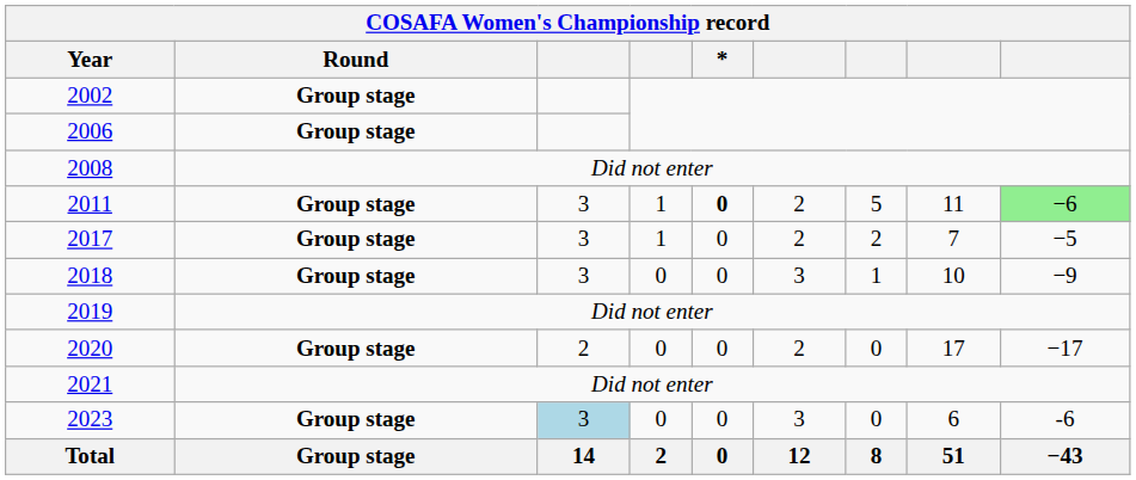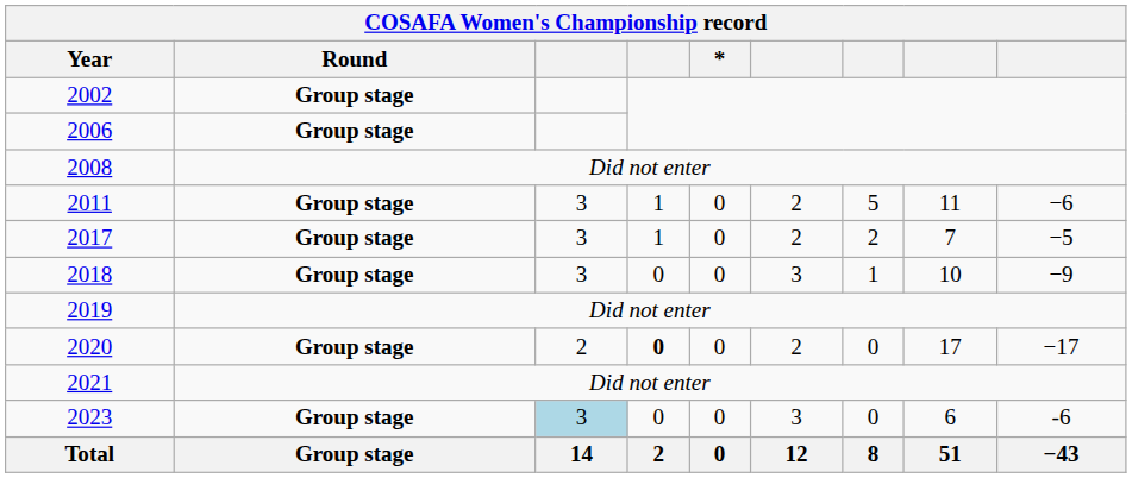 <table class="wikitable" style="text-align: center; width:50%;">
 <tr>
 <th colspan=10><a href='#'>COSAFA Women's Championship</a> record</th>
 </tr>
 <tr>
 <th>Year</th>
 <th>Round</th>
 <th></th>
 <th></th>
 <th>*</th>
 <th></th>
 <th></th>
 <th></th>
 <th></th>
 </tr>
 <tr>
 <td> <a href='#'>2002</a></td>
 <td><strong>Group stage</strong></td>
 <td></td>
 </tr>
 <tr>
 <td> <a href='#'>2006</a></td>
 <td><strong>Group stage</strong></td>
 <td></td>
 </tr>
 <tr>
 <td> <a href='#'>2008</a></td>
 <td colspan =8><em>Did not enter</em></td>
 </tr>
 <tr>
 <td> <a href='#'>2011</a></td>
 <td><strong>Group stage</strong></td>
 <td>3</td>
 <td>1</td>
-<td><strong>0</strong></td>
+<td>0</td>
 <td>2</td>
 <td>5</td>
 <td>11</td>
-<td style="background: lightgreen;">−6</td>
+<td>−6</td>
 </tr>
 <tr>
 <td> <a href='#'>2017</a></td>
 <td><strong>Group stage</strong></td>
 <td>3</td>
 <td>1</td>
 <td>0</td>
 <td>2</td>
 <td>2</td>
 <td>7</td>
 <td>−5</td>
 </tr>
 <tr>
 <td> <a href='#'>2018</a></td>
 <td><strong>Group stage</strong></td>
 <td>3</td>
 <td>0</td>
 <td>0</td>
 <td>3</td>
 <td>1</td>
 <td>10</td>
 <td>−9</td>
 </tr>
 <tr>
 <td> <a href='#'>2019</a></td>
 <td colspan =8><em>Did not enter</em></td>
 </tr>
 <tr>
 <td> <a href='#'>2020</a></td>
 <td><strong>Group stage</strong></td>
 <td>2</td>
-<td>0</td>
+<td><strong>0</strong></td>
 <td>0</td>
 <td>2</td>
 <td>0</td>
 <td>17</td>
 <td>−17</td>
 </tr>
 <tr>
 <td> <a href='#'>2021</a></td>
 <td colspan =8><em>Did not enter</em></td>
 </tr>
 <tr>
 <td> <a href='#'>2023</a></td>
 <td><strong>Group stage</strong></td>
 <td style="background: lightblue;">3</td>
 <td>0</td>
 <td>0</td>
 <td>3</td>
 <td>0</td>
 <td>6</td>
 <td>-6</td>
 </tr>
 <tr>
 <th>Total</th>
 <th>Group stage</th>
 <th>14</th>
 <th>2</th>
 <th>0</th>
 <th>12</th>
 <th>8</th>
 <th>51</th>
 <th>−43</th>
 </tr>
 </table>
